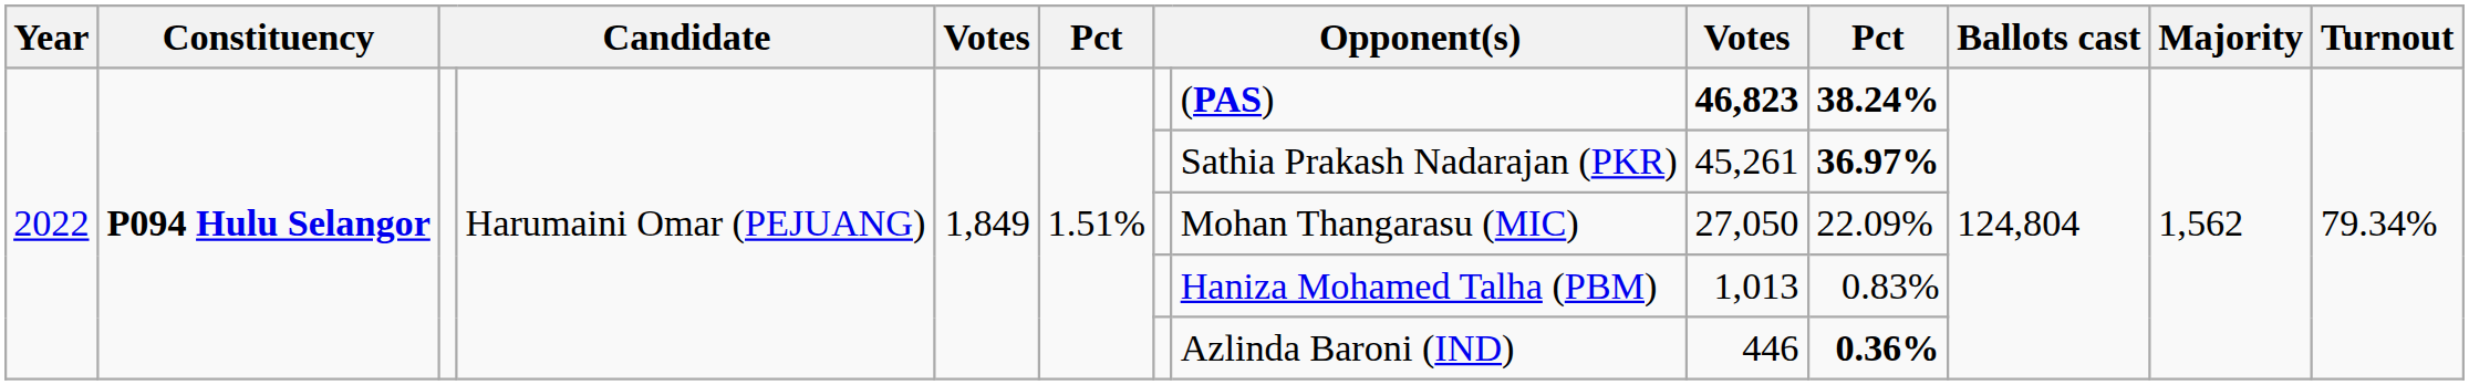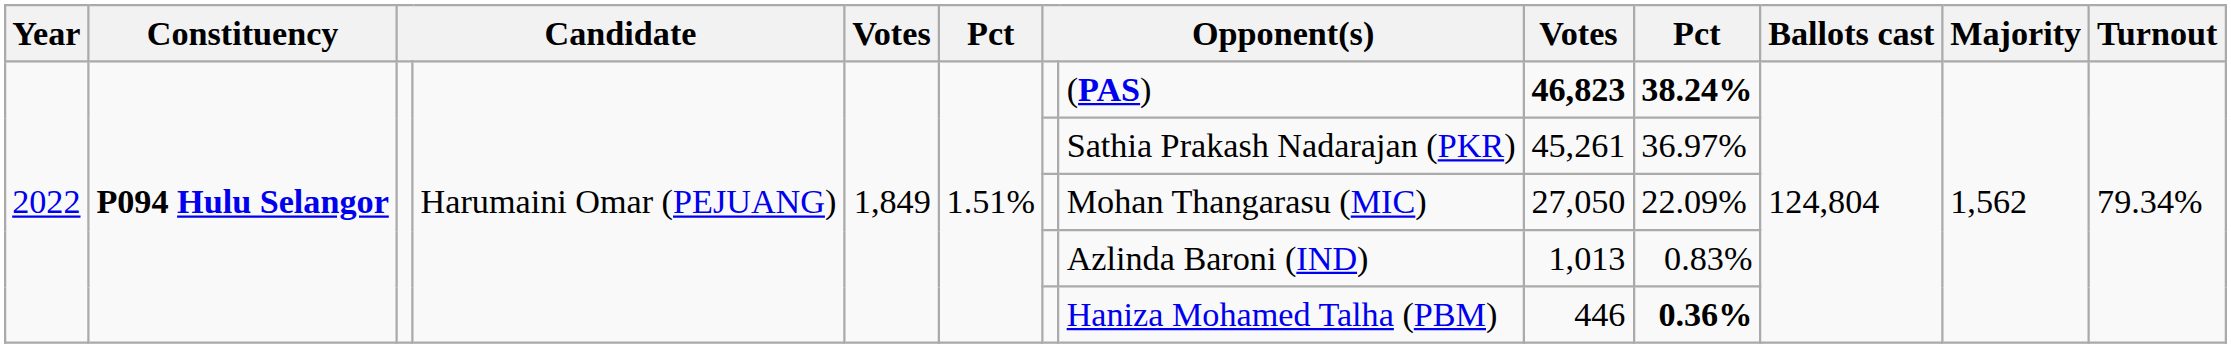 <table class="wikitable" style="margin:0.5em ; font-size:95%">
 <tr>
 <th>Year</th>
 <th>Constituency</th>
 <th colspan=2>Candidate</th>
 <th>Votes</th>
 <th>Pct</th>
 <th colspan=2>Opponent(s)</th>
 <th>Votes</th>
 <th>Pct</th>
 <th>Ballots cast</th>
 <th>Majority</th>
 <th>Turnout</th>
 </tr>
 <tr>
 <td rowspan=5><a href='#'>2022</a></td>
 <td rowspan=5><strong>P094 <a href='#'>Hulu Selangor</a></strong></td>
 <td rowspan=5 bgcolor=></td>
 <td rowspan=5>Harumaini Omar (<a href='#'>PEJUANG</a>)</td>
 <td rowspan=5 align=right>1,849</td>
 <td rowspan=5 align=right>1.51%</td>
 <td bgcolor=></td>
 <td> (<a href='#'><strong>PAS</strong></a>)</td>
 <td align=right><strong>46,823</strong></td>
 <td><strong>38.24%</strong></td>
 <td rowspan=5>124,804</td>
 <td rowspan=5>1,562</td>
 <td rowspan=5>79.34%</td>
 </tr>
 <tr>
 <td></td>
 <td>Sathia Prakash Nadarajan (<a href='#'>PKR</a>)</td>
 <td align=right>45,261</td>
-<td><strong>36.97%</strong></td>
+<td>36.97%</td>
 </tr>
 <tr>
 <td></td>
 <td>Mohan Thangarasu (<a href='#'>MIC</a>)</td>
 <td align=right>27,050</td>
 <td>22.09%</td>
 </tr>
 <tr>
 <td bgcolor=></td>
-<td><a href='#'>Haniza Mohamed Talha</a> (<a href='#'>PBM</a>)</td>
+<td>Azlinda Baroni (<a href='#'>IND</a>)</td>
 <td align=right>1,013</td>
 <td align=right>0.83%</td>
 </tr>
 <tr>
 <td></td>
-<td>Azlinda Baroni (<a href='#'>IND</a>)</td>
+<td><a href='#'>Haniza Mohamed Talha</a> (<a href='#'>PBM</a>)</td>
 <td align=right>446</td>
 <td align=right><strong>0.36%</strong></td>
 </tr>
 </table>
